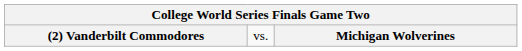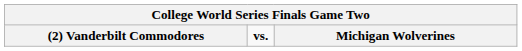 <table class="wikitable">
 <tr>
 <th style="width: 604px;" colspan=3>College World Series Finals Game Two</th>
 </tr>
 <tr>
 <th style="width: 289px; ">(2) Vanderbilt Commodores</th>
-<td style="width: 25px; text-align:center">vs.</td>
+<td style="width: 25px; text-align:center"><strong>vs.</strong></td>
 <th style="width: 289px; ">Michigan Wolverines</th>
 </tr>
 </table>
